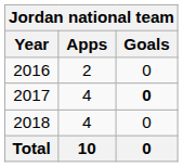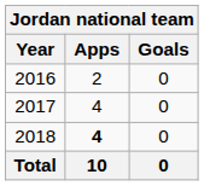 <table class="wikitable" style="text-align:center">
 <tr>
 <th colspan=3>Jordan national team</th>
 </tr>
 <tr>
 <th>Year</th>
 <th>Apps</th>
 <th>Goals</th>
 </tr>
 <tr>
 <td>2016</td>
 <td>2</td>
 <td>0</td>
 </tr>
 <tr>
 <td>2017</td>
 <td>4</td>
-<td><strong>0</strong></td>
+<td>0</td>
 </tr>
 <tr>
 <td>2018</td>
-<td>4</td>
+<td><strong>4</strong></td>
 <td>0</td>
 </tr>
 <tr>
 <th>Total</th>
 <th>10</th>
 <th>0</th>
 </tr>
 </table>
